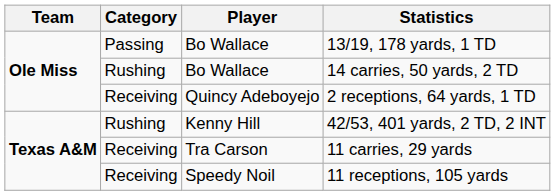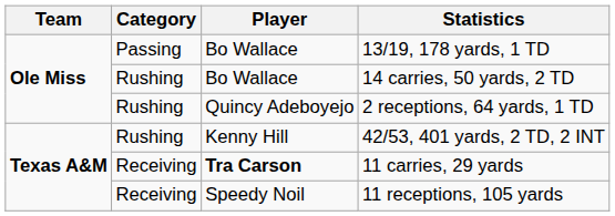 <table class="wikitable" style="float: right;">
 <tr>
 <th>Team</th>
 <th>Category</th>
 <th>Player</th>
 <th>Statistics</th>
 </tr>
 <tr>
 <td rowspan=3><strong>Ole Miss</strong></td>
 <td>Passing</td>
 <td>Bo Wallace</td>
 <td>13/19, 178 yards, 1 TD</td>
 </tr>
 <tr>
 <td>Rushing</td>
 <td>Bo Wallace</td>
 <td>14 carries, 50 yards, 2 TD</td>
 </tr>
 <tr>
-<td>Receiving</td>
+<td>Rushing</td>
 <td>Quincy Adeboyejo</td>
 <td>2 receptions, 64 yards, 1 TD</td>
 </tr>
 <tr>
 <td rowspan=3><strong>Texas A&M</strong></td>
 <td>Rushing</td>
 <td>Kenny Hill</td>
 <td>42/53, 401 yards, 2 TD, 2 INT</td>
 </tr>
 <tr>
 <td>Receiving</td>
-<td>Tra Carson</td>
+<td><strong>Tra Carson</strong></td>
 <td>11 carries, 29 yards</td>
 </tr>
 <tr>
 <td>Receiving</td>
 <td>Speedy Noil</td>
 <td>11 receptions, 105 yards</td>
 </tr>
 </table>
